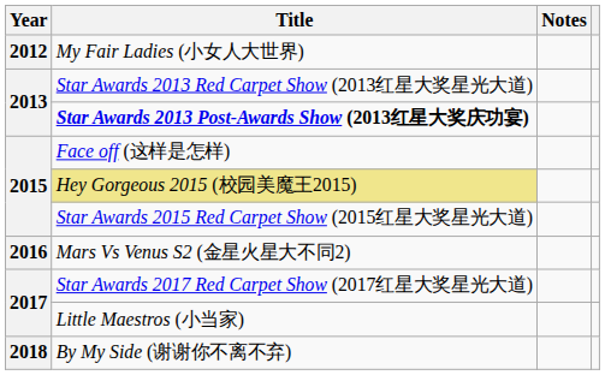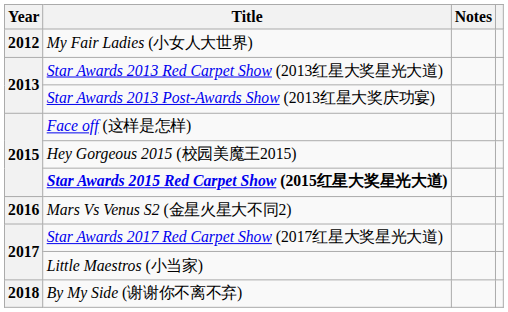 <table class="wikitable sortable plainrowheaders">
 <tr>
 <th scope="col">Year</th>
 <th scope="col">Title</th>
 <th scope="col" class="unsortable">Notes</th>
 <th scope="col" class="unsortable"></th>
 </tr>
 <tr>
 <th scope="row">2012</th>
 <td><em>My Fair Ladies</em> (小女人大世界)</td>
 <td></td>
 <td></td>
 </tr>
 <tr>
 <th scope="row" rowspan="2">2013</th>
 <td><em><a href='#'>Star Awards 2013 Red Carpet Show</a></em> (2013红星大奖星光大道)</td>
 <td></td>
 <td></td>
 </tr>
 <tr>
-<td><strong><em><a href='#'>Star Awards 2013 Post-Awards Show</a></em> (2013红星大奖庆功宴)</strong></td>
+<td><em><a href='#'>Star Awards 2013 Post-Awards Show</a></em> (2013红星大奖庆功宴)</td>
 <td></td>
 <td></td>
 </tr>
 <tr>
 <th scope="row" rowspan="3">2015</th>
 <td><em><a href='#'>Face off</a></em> (这样是怎样)</td>
 <td></td>
 <td></td>
 </tr>
 <tr>
-<td style="background: khaki;"><em>Hey Gorgeous 2015</em> (校园美魔王2015)</td>
+<td><em>Hey Gorgeous 2015</em> (校园美魔王2015)</td>
 <td></td>
 <td></td>
 </tr>
 <tr>
-<td><em><a href='#'>Star Awards 2015 Red Carpet Show</a></em> (2015红星大奖星光大道)</td>
+<td><strong><em><a href='#'>Star Awards 2015 Red Carpet Show</a></em> (2015红星大奖星光大道)</strong></td>
 <td></td>
 <td></td>
 </tr>
 <tr>
 <th scope="row">2016</th>
 <td><em>Mars Vs Venus S2</em> (金星火星大不同2)</td>
 <td></td>
 <td></td>
 </tr>
 <tr>
 <th scope="row" rowspan="2">2017</th>
 <td><em><a href='#'>Star Awards 2017 Red Carpet Show</a></em> (2017红星大奖星光大道)</td>
 <td></td>
 <td></td>
 </tr>
 <tr>
 <td><em>Little Maestros</em> (小当家)</td>
 <td></td>
 <td></td>
 </tr>
 <tr>
 <th scope="row" rowspan="1">2018</th>
 <td><em>By My Side</em> (谢谢你不离不弃)</td>
 <td></td>
 <td></td>
 </tr>
 </table>
